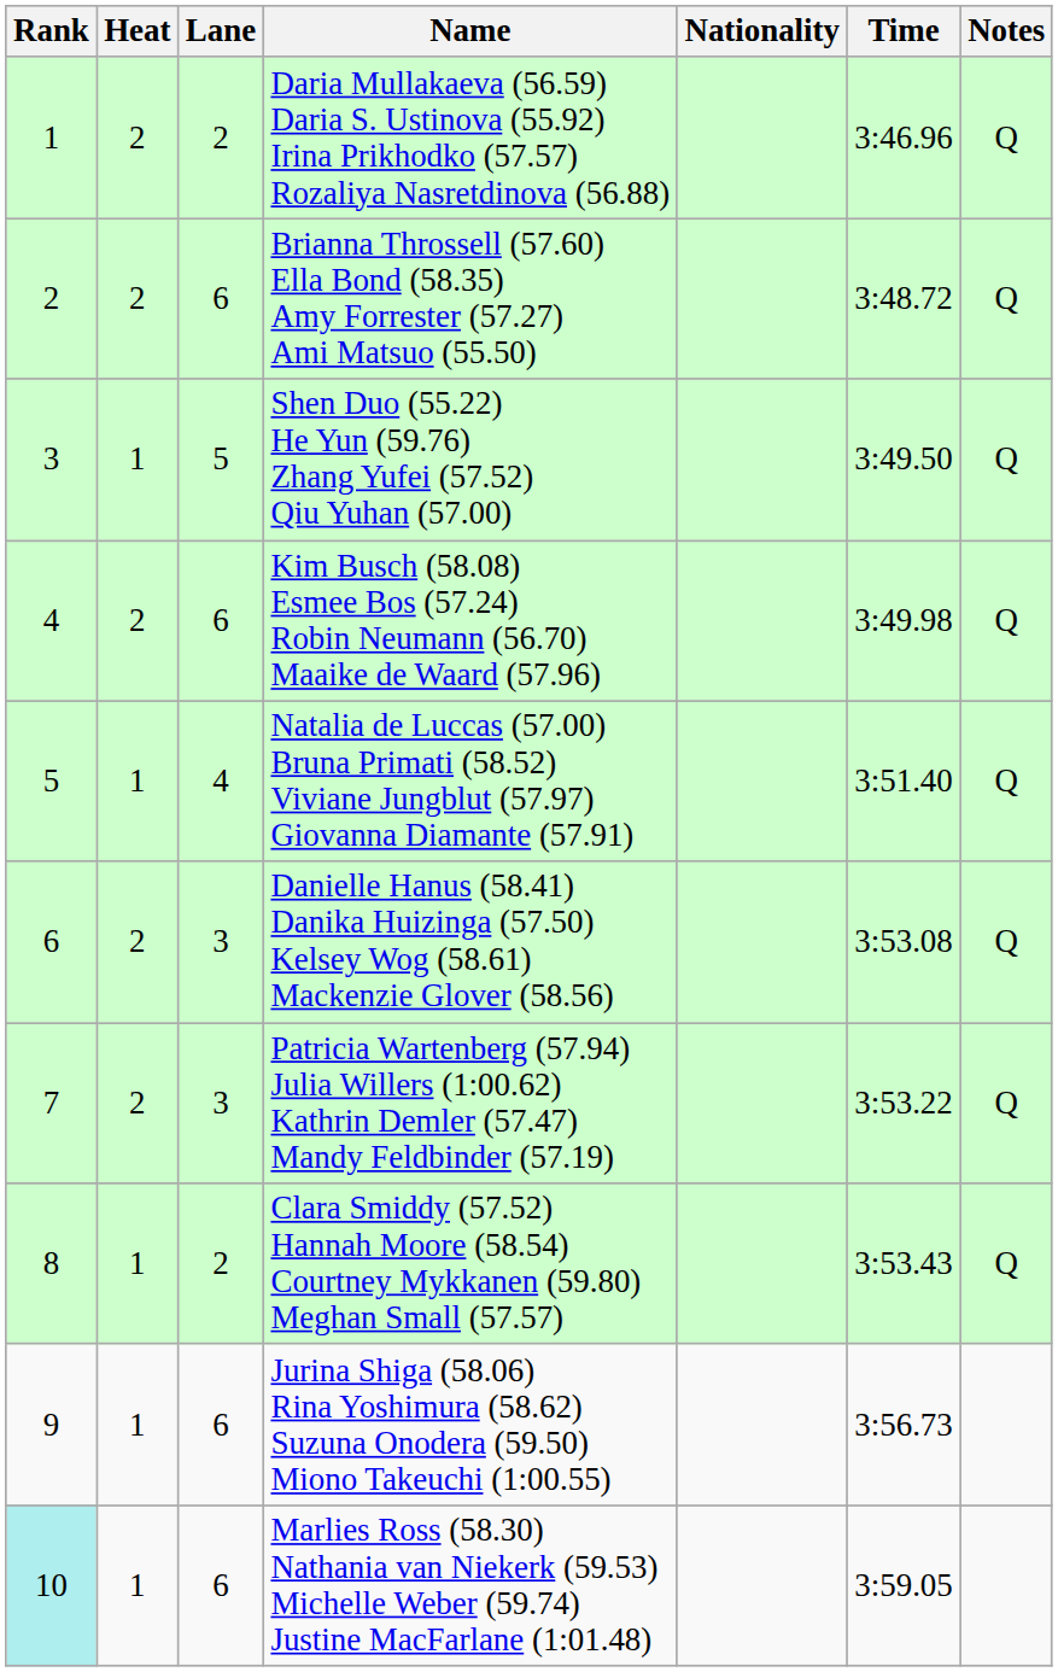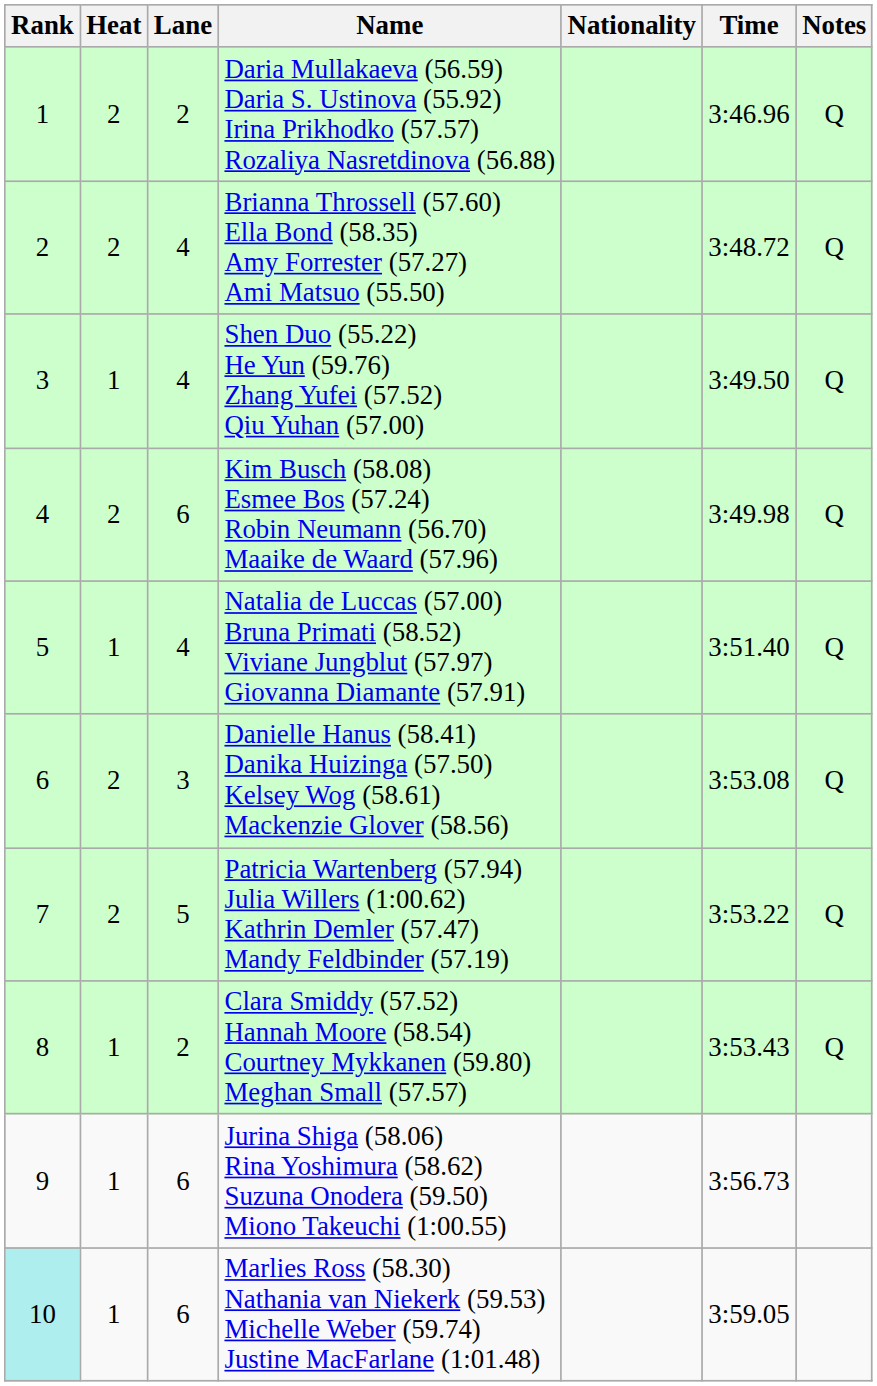 <table class="wikitable sortable" style="text-align:center">
 <tr>
 <th>Rank</th>
 <th>Heat</th>
 <th>Lane</th>
 <th>Name</th>
 <th>Nationality</th>
 <th>Time</th>
 <th>Notes</th>
 </tr>
 <tr bgcolor=ccffcc>
 <td>1</td>
 <td>2</td>
 <td>2</td>
 <td align=left><a href='#'>Daria Mullakaeva</a> (56.59)<br><a href='#'>Daria S. Ustinova</a> (55.92)<br><a href='#'>Irina Prikhodko</a> (57.57)<br><a href='#'>Rozaliya Nasretdinova</a> (56.88)</td>
 <td align=left></td>
 <td>3:46.96</td>
 <td>Q</td>
 </tr>
 <tr bgcolor=ccffcc>
 <td>2</td>
 <td>2</td>
-<td>6</td>
+<td>4</td>
 <td align=left><a href='#'>Brianna Throssell</a> (57.60)<br><a href='#'>Ella Bond</a> (58.35)<br><a href='#'>Amy Forrester</a> (57.27)<br><a href='#'>Ami Matsuo</a> (55.50)</td>
 <td align=left></td>
 <td>3:48.72</td>
 <td>Q</td>
 </tr>
 <tr bgcolor=ccffcc>
 <td>3</td>
 <td>1</td>
-<td>5</td>
+<td>4</td>
 <td align=left><a href='#'>Shen Duo</a> (55.22)<br><a href='#'>He Yun</a> (59.76)<br><a href='#'>Zhang Yufei</a> (57.52)<br><a href='#'>Qiu Yuhan</a> (57.00)</td>
 <td align=left></td>
 <td>3:49.50</td>
 <td>Q</td>
 </tr>
 <tr bgcolor=ccffcc>
 <td>4</td>
 <td>2</td>
 <td>6</td>
 <td align=left><a href='#'>Kim Busch</a> (58.08)<br><a href='#'>Esmee Bos</a> (57.24)<br><a href='#'>Robin Neumann</a> (56.70)<br><a href='#'>Maaike de Waard</a> (57.96)</td>
 <td align=left></td>
 <td>3:49.98</td>
 <td>Q</td>
 </tr>
 <tr bgcolor=ccffcc>
 <td>5</td>
 <td>1</td>
 <td>4</td>
 <td align=left><a href='#'>Natalia de Luccas</a> (57.00)<br><a href='#'>Bruna Primati</a> (58.52)<br><a href='#'>Viviane Jungblut</a> (57.97)<br><a href='#'>Giovanna Diamante</a> (57.91)</td>
 <td align=left></td>
 <td>3:51.40</td>
 <td>Q</td>
 </tr>
 <tr bgcolor=ccffcc>
 <td>6</td>
 <td>2</td>
 <td>3</td>
 <td align=left><a href='#'>Danielle Hanus</a> (58.41)<br><a href='#'>Danika Huizinga</a> (57.50)<br><a href='#'>Kelsey Wog</a> (58.61)<br><a href='#'>Mackenzie Glover</a> (58.56)</td>
 <td align=left></td>
 <td>3:53.08</td>
 <td>Q</td>
 </tr>
 <tr bgcolor=ccffcc>
 <td>7</td>
 <td>2</td>
-<td>3</td>
+<td>5</td>
 <td align=left><a href='#'>Patricia Wartenberg</a> (57.94)<br><a href='#'>Julia Willers</a> (1:00.62)<br><a href='#'>Kathrin Demler</a> (57.47)<br><a href='#'>Mandy Feldbinder</a> (57.19)</td>
 <td align=left></td>
 <td>3:53.22</td>
 <td>Q</td>
 </tr>
 <tr bgcolor=ccffcc>
 <td>8</td>
 <td>1</td>
 <td>2</td>
 <td align=left><a href='#'>Clara Smiddy</a> (57.52)<br><a href='#'>Hannah Moore</a> (58.54)<br><a href='#'>Courtney Mykkanen</a> (59.80)<br><a href='#'>Meghan Small</a> (57.57)</td>
 <td align=left></td>
 <td>3:53.43</td>
 <td>Q</td>
 </tr>
 <tr>
 <td>9</td>
 <td>1</td>
 <td>6</td>
 <td align=left><a href='#'>Jurina Shiga</a> (58.06)<br><a href='#'>Rina Yoshimura</a> (58.62)<br><a href='#'>Suzuna Onodera</a> (59.50)<br><a href='#'>Miono Takeuchi</a> (1:00.55)</td>
 <td align=left></td>
 <td>3:56.73</td>
 <td></td>
 </tr>
 <tr>
 <td style="background: paleturquoise;">10</td>
 <td>1</td>
 <td>6</td>
 <td align=left><a href='#'>Marlies Ross</a> (58.30)<br><a href='#'>Nathania van Niekerk</a> (59.53)<br><a href='#'>Michelle Weber</a> (59.74)<br><a href='#'>Justine MacFarlane</a> (1:01.48)</td>
 <td align=left></td>
 <td>3:59.05</td>
 <td></td>
 </tr>
 </table>
